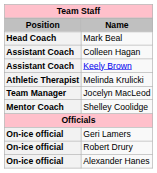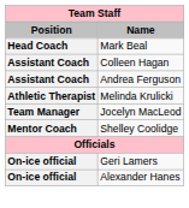 <table class="wikitable" style="text-align:left; font-size:90%;">
 <tr>
 <th style=background:pink colspan=2>Team Staff</th>
 </tr>
 <tr>
 <th style="background:silver;">Position</th>
 <th style="background:silver;">Name</th>
 </tr>
 <tr>
 <th style="text-align:left;">Head Coach</th>
 <td>Mark Beal</td>
 </tr>
 <tr>
 <th style="text-align:left;">Assistant Coach</th>
 <td>Colleen Hagan</td>
 </tr>
 <tr>
 <th style="text-align:left;">Assistant Coach</th>
-<td><a href='#'>Keely Brown</a></td>
+<td>Andrea Ferguson</td>
 </tr>
 <tr>
 <th style="text-align:left;">Athletic Therapist</th>
 <td>Melinda Krulicki</td>
 </tr>
 <tr>
 <th style="text-align:left;">Team Manager</th>
 <td>Jocelyn MacLeod</td>
 </tr>
 <tr>
 <th style="text-align:left;">Mentor Coach</th>
 <td>Shelley Coolidge</td>
 </tr>
 <tr>
 <th style=background:pink colspan=2>Officials</th>
 </tr>
 <tr>
 <th style="text-align:left;">On-ice official</th>
 <td>Geri Lamers</td>
 </tr>
 <tr>
 <th style="text-align:left;">On-ice official</th>
-<td>Robert Drury</td>
-</tr>
-<tr>
-<th style="text-align:left;">On-ice official</th>
 <td>Alexander Hanes</td>
 </tr>
 </table>
